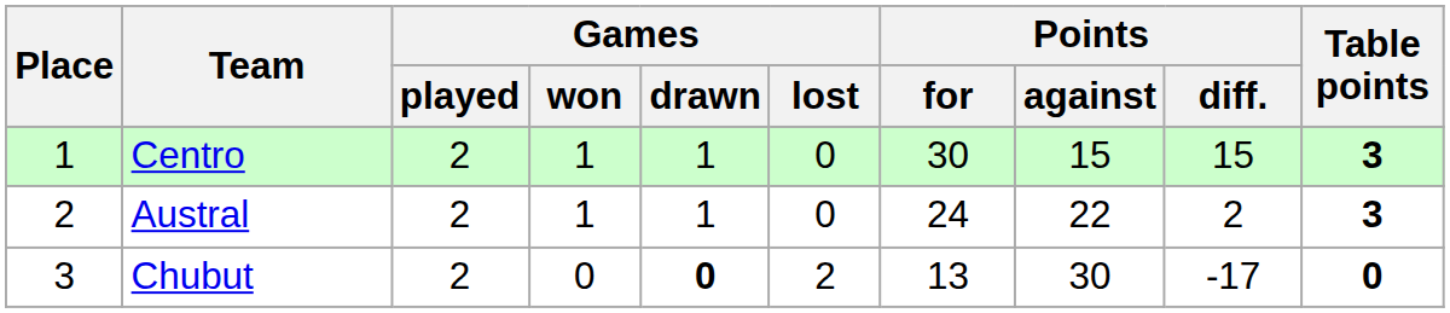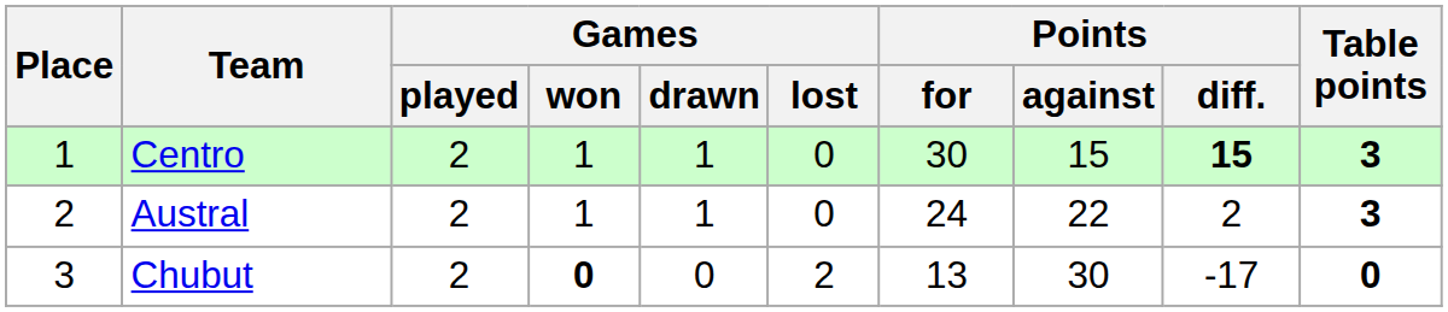 <table class="wikitable">
 <tr>
 <th rowspan=2 width="8%">Place</th>
 <th rowspan=2 width="20%">Team</th>
 <th colspan=4 width="32%">Games</th>
 <th colspan=3 width="30%">Points</th>
 <th rowspan=2 width="10%">Table<br>points</th>
 </tr>
 <tr>
 <th width="8%">played</th>
 <th width="8%">won</th>
 <th width="8%">drawn</th>
 <th width="8%">lost</th>
 <th width="10%">for</th>
 <th width="10%">against</th>
 <th width="10%">diff.</th>
 </tr>
 <tr align=center style="background: #ccffcc;">
 <td>1</td>
 <td align=left><a href='#'>Centro</a></td>
 <td>2</td>
 <td>1</td>
 <td>1</td>
 <td>0</td>
 <td>30</td>
 <td>15</td>
-<td>15</td>
+<td><strong>15</strong></td>
 <td><strong>3</strong></td>
 </tr>
 <tr align=center style="background: #ffffff;">
 <td>2</td>
 <td align=left><a href='#'>Austral</a></td>
 <td>2</td>
 <td>1</td>
 <td>1</td>
 <td>0</td>
 <td>24</td>
 <td>22</td>
 <td>2</td>
 <td><strong>3</strong></td>
 </tr>
 <tr align=center style="background: #ffffff;">
 <td>3</td>
 <td align=left><a href='#'>Chubut</a></td>
 <td>2</td>
+<td><strong>0</strong></td>
 <td>0</td>
-<td><strong>0</strong></td>
 <td>2</td>
 <td>13</td>
 <td>30</td>
 <td>-17</td>
 <td><strong>0</strong></td>
 </tr>
 </table>
